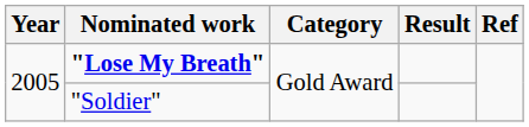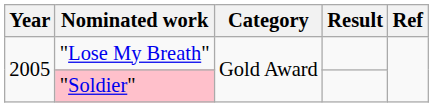 <table class="wikitable">
 <tr>
 <th>Year</th>
 <th>Nominated work</th>
 <th>Category</th>
 <th>Result</th>
 <th>Ref</th>
 </tr>
 <tr>
 <td rowspan="2">2005</td>
-<td><strong>"<a href='#'>Lose My Breath</a>"</strong></td>
+<td>"<a href='#'>Lose My Breath</a>"</td>
 <td rowspan="2">Gold Award</td>
 <td></td>
 <td rowspan="2"></td>
 </tr>
 <tr>
-<td>"<a href='#'>Soldier</a>" </td>
+<td style="background: pink;">"<a href='#'>Soldier</a>" </td>
 <td></td>
 </tr>
 </table>
